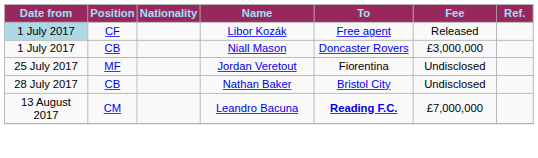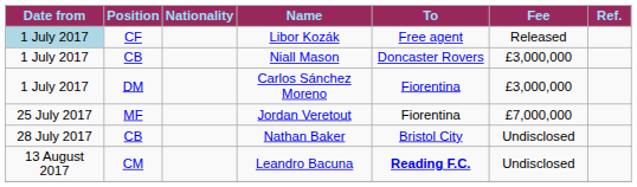 <table class="wikitable"  style="text-align:center; font-size:90%; ">
 <tr>
 <th style="background:#98285c; color:#9be1ff; width:100px;">Date from</th>
 <th style="background:#98285c; color:#9be1ff; width:50px;">Position</th>
 <th style="background:#98285c; color:#9be1ff; width:50px;">Nationality</th>
 <th style="background:#98285c; color:#9be1ff; width:140px;">Name</th>
 <th style="background:#98285c; color:#9be1ff; width:120px;">To</th>
 <th style="background:#98285c; color:#9be1ff; width:100px;">Fee</th>
 <th style="background:#98285c; color:#9be1ff; width:40px;">Ref.</th>
 </tr>
 <tr>
 <td style="background: lightblue;">1 July 2017</td>
 <td><a href='#'>CF</a></td>
 <td></td>
 <td><a href='#'>Libor Kozák</a></td>
 <td><a href='#'>Free agent</a></td>
 <td>Released</td>
 <td></td>
 </tr>
 <tr>
 <td>1 July 2017</td>
 <td><a href='#'>CB</a></td>
 <td></td>
 <td><a href='#'>Niall Mason</a></td>
 <td><a href='#'>Doncaster Rovers</a></td>
 <td>£3,000,000</td>
 <td></td>
 </tr>
 <tr>
+<td>1 July 2017</td>
+<td><a href='#'>DM</a></td>
+<td></td>
+<td><a href='#'>Carlos Sánchez Moreno</a></td>
+<td><a href='#'>Fiorentina</a></td>
+<td>£3,000,000</td>
+<td></td>
+</tr>
+<tr>
 <td>25 July 2017</td>
 <td><a href='#'>MF</a></td>
 <td></td>
 <td><a href='#'>Jordan Veretout</a></td>
 <td>Fiorentina</td>
-<td>Undisclosed</td>
+<td>£7,000,000</td>
 <td></td>
 </tr>
 <tr>
 <td>28 July 2017</td>
 <td><a href='#'>CB</a></td>
 <td></td>
 <td><a href='#'>Nathan Baker</a></td>
 <td><a href='#'>Bristol City</a></td>
 <td>Undisclosed</td>
 <td></td>
 </tr>
 <tr>
 <td>13 August 2017</td>
 <td><a href='#'>CM</a></td>
 <td></td>
 <td><a href='#'>Leandro Bacuna</a></td>
 <td><strong><a href='#'>Reading F.C.</a></strong></td>
-<td>£7,000,000</td>
+<td>Undisclosed</td>
 <td></td>
 </tr>
 <tr>
 </tr>
 </table>
